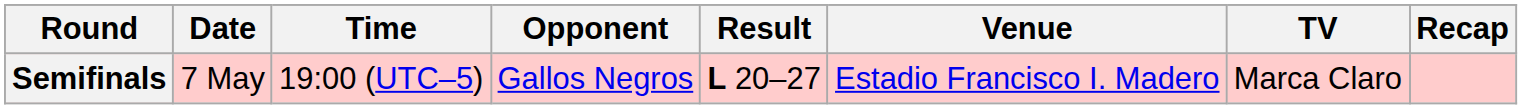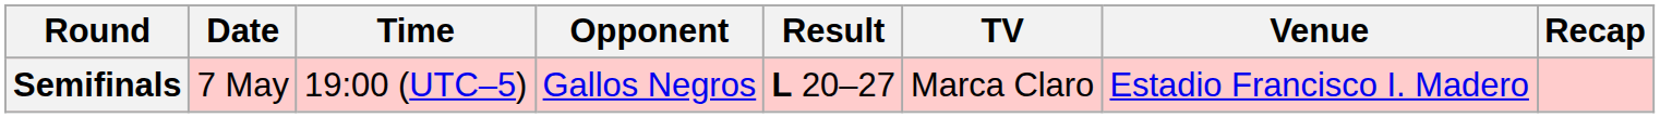 <table class="wikitable" style="text-align:center">
 <tr>
 <th>Round</th>
 <th>Date</th>
 <th>Time</th>
 <th>Opponent</th>
 <th>Result</th>
+<th>TV</th>
 <th>Venue</th>
-<th>TV</th>
 <th>Recap</th>
 </tr>
 <tr style="background:#fcc">
 <th>Semifinals</th>
 <td>7 May</td>
 <td>19:00 (<a href='#'>UTC–5</a>)</td>
 <td><a href='#'>Gallos Negros</a></td>
 <td><strong>L</strong> 20–27</td>
+<td>Marca Claro</td>
 <td><a href='#'>Estadio Francisco I. Madero</a></td>
-<td>Marca Claro</td>
 <td></td>
 </tr>
 </table>
